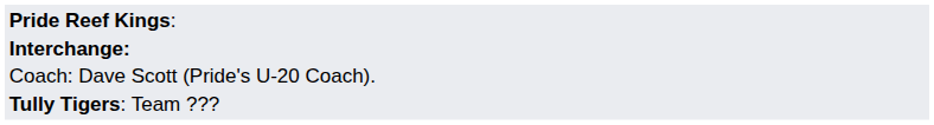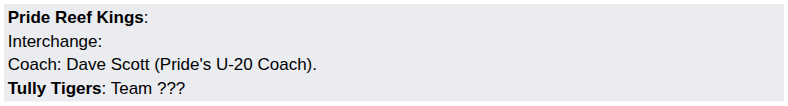 <table style="background:#eaecf0; font-size:85%; width:100%;">
 <tr>
 <td><strong> Pride Reef Kings</strong>:             </td>
 </tr>
 <tr>
-<td><strong>Interchange:<br>     </strong></td>
+<td>Interchange:<br>     </td>
 </tr>
 <tr>
 <td>Coach:  Dave Scott (Pride's U-20 Coach).</td>
 </tr>
 <tr>
 <td><strong> Tully Tigers</strong>: Team ???</td>
 </tr>
 </table>
